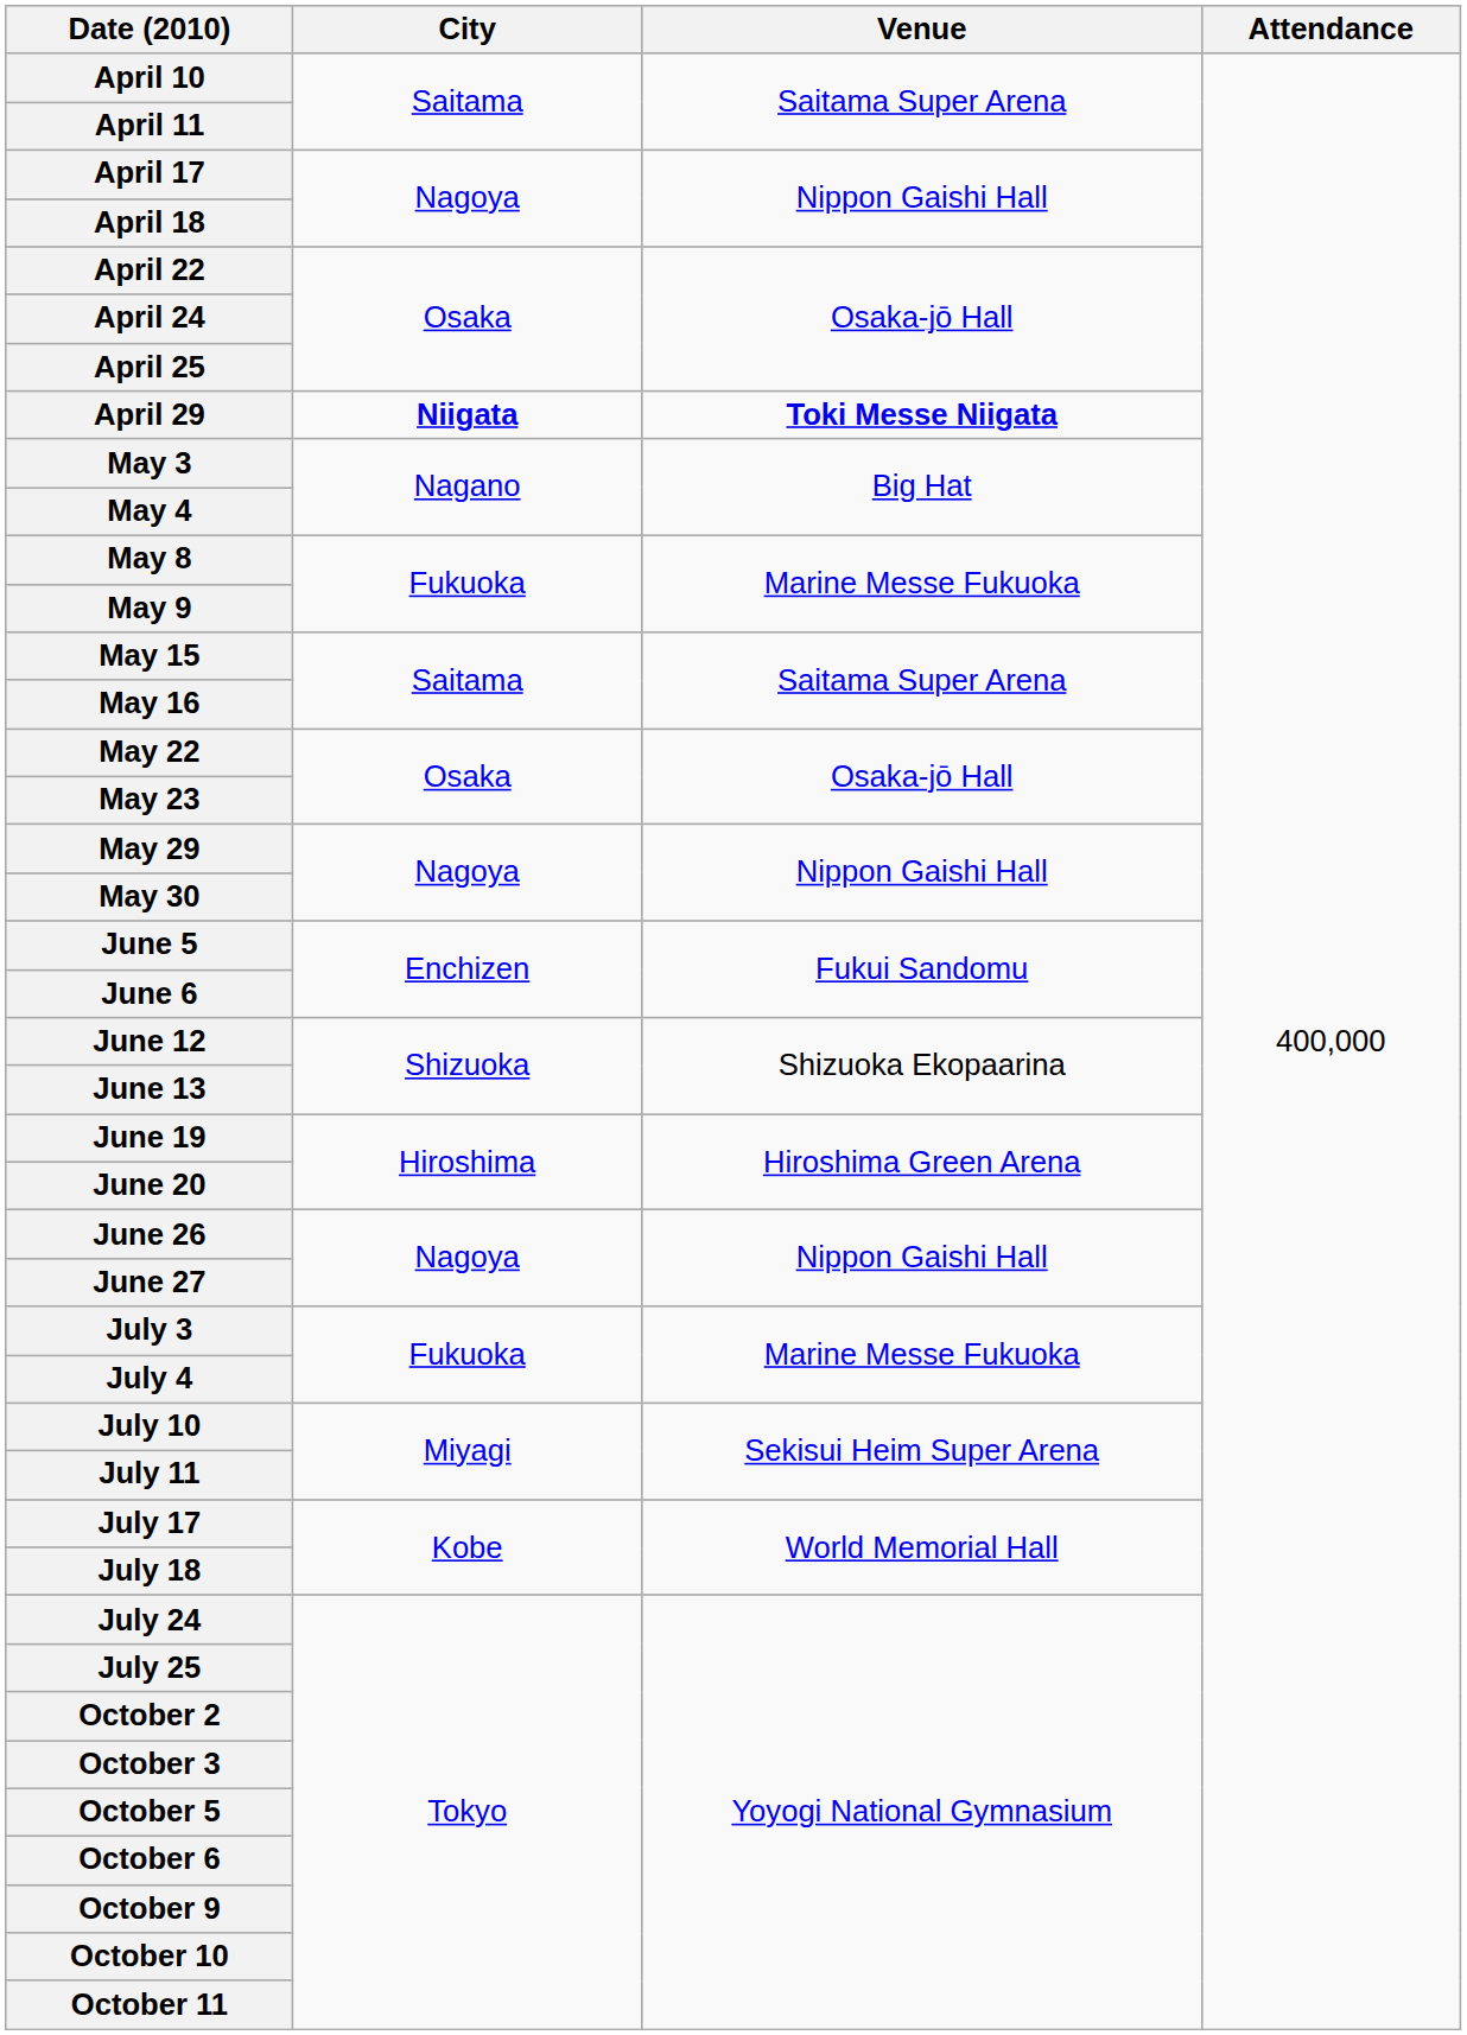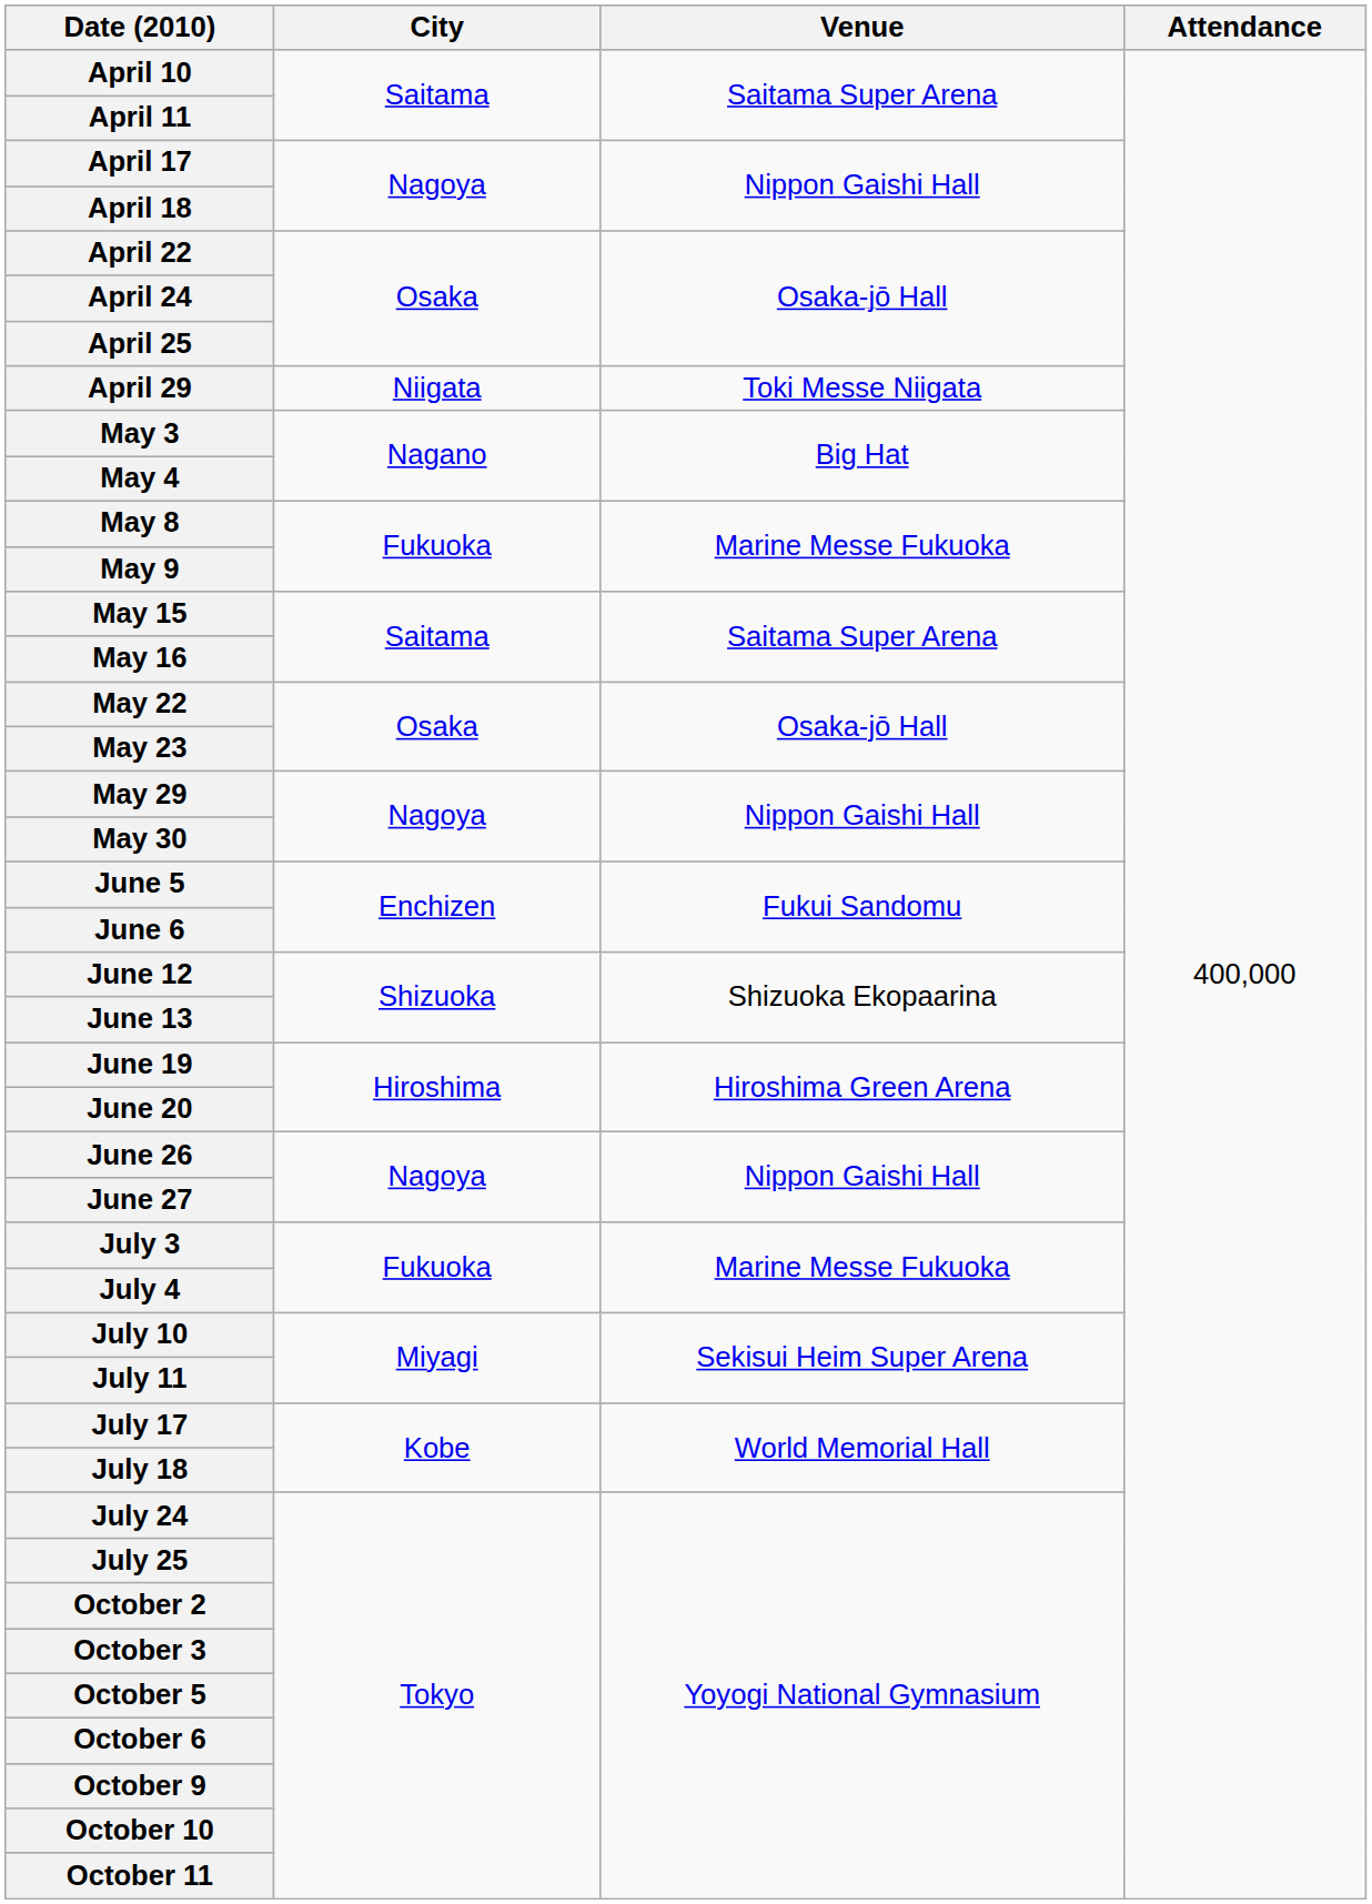 <table class="wikitable plainrowheaders" style="text-align:center;">
 <tr>
 <th scope="col" style="width:9em;">Date (2010)</th>
 <th scope="col" style="width:11em;">City</th>
 <th scope="col" style="width:18em;">Venue</th>
 <th scope="col" style="width:8em;">Attendance</th>
 </tr>
 <tr>
 <th scope="row" style="text-align:center;">April 10</th>
 <td rowspan="2"><a href='#'>Saitama</a></td>
 <td rowspan="2"><a href='#'>Saitama Super Arena</a></td>
 <td rowspan="41">400,000</td>
 </tr>
 <tr>
 <th scope="row" style="text-align:center;">April 11</th>
 </tr>
 <tr>
 <th scope="row" style="text-align:center;">April 17</th>
 <td rowspan="2"><a href='#'>Nagoya</a></td>
 <td rowspan="2"><a href='#'>Nippon Gaishi Hall</a></td>
 </tr>
 <tr>
 <th scope="row" style="text-align:center;">April 18</th>
 </tr>
 <tr>
 <th scope="row" style="text-align:center;">April 22</th>
 <td rowspan="3"><a href='#'>Osaka</a></td>
 <td rowspan="3"><a href='#'>Osaka-jō Hall</a></td>
 </tr>
 <tr>
 <th scope="row" style="text-align:center;">April 24</th>
 </tr>
 <tr>
 <th scope="row" style="text-align:center;">April 25</th>
 </tr>
 <tr>
 <th scope="row" style="text-align:center;">April 29</th>
-<td rowspan="1"><strong><a href='#'>Niigata</a></strong></td>
-<td rowspan="1"><strong><a href='#'>Toki Messe Niigata</a></strong></td>
+<td rowspan="1"><a href='#'>Niigata</a></td>
+<td rowspan="1"><a href='#'>Toki Messe Niigata</a></td>
 </tr>
 <tr>
 <th scope="row" style="text-align:center;">May 3</th>
 <td rowspan="2"><a href='#'>Nagano</a></td>
 <td rowspan="2"><a href='#'>Big Hat</a></td>
 </tr>
 <tr>
 <th scope="row" style="text-align:center;">May 4</th>
 </tr>
 <tr>
 <th scope="row" style="text-align:center;">May 8</th>
 <td rowspan="2"><a href='#'>Fukuoka</a></td>
 <td rowspan="2"><a href='#'>Marine Messe Fukuoka</a></td>
 </tr>
 <tr>
 <th scope="row" style="text-align:center;">May 9</th>
 </tr>
 <tr>
 <th scope="row" style="text-align:center;">May 15</th>
 <td rowspan="2"><a href='#'>Saitama</a></td>
 <td rowspan="2"><a href='#'>Saitama Super Arena</a></td>
 </tr>
 <tr>
 <th scope="row" style="text-align:center;">May 16</th>
 </tr>
 <tr>
 <th scope="row" style="text-align:center;">May 22</th>
 <td rowspan="2"><a href='#'>Osaka</a></td>
 <td rowspan="2"><a href='#'>Osaka-jō Hall</a></td>
 </tr>
 <tr>
 <th scope="row" style="text-align:center;">May 23</th>
 </tr>
 <tr>
 <th scope="row" style="text-align:center;">May 29</th>
 <td rowspan="2"><a href='#'>Nagoya</a></td>
 <td rowspan="2"><a href='#'>Nippon Gaishi Hall</a></td>
 </tr>
 <tr>
 <th scope="row" style="text-align:center;">May 30</th>
 </tr>
 <tr>
 <th scope="row" style="text-align:center;">June 5</th>
 <td rowspan="2"><a href='#'>Enchizen</a></td>
 <td rowspan="2"><a href='#'>Fukui Sandomu</a></td>
 </tr>
 <tr>
 <th scope="row" style="text-align:center;">June 6</th>
 </tr>
 <tr>
 <th scope="row" style="text-align:center;">June 12</th>
 <td rowspan="2"><a href='#'>Shizuoka</a></td>
 <td rowspan="2">Shizuoka Ekopaarina</td>
 </tr>
 <tr>
 <th scope="row" style="text-align:center;">June 13</th>
 </tr>
 <tr>
 <th scope="row" style="text-align:center;">June 19</th>
 <td rowspan="2"><a href='#'>Hiroshima</a></td>
 <td rowspan="2"><a href='#'>Hiroshima Green Arena</a></td>
 </tr>
 <tr>
 <th scope="row" style="text-align:center;">June 20</th>
 </tr>
 <tr>
 <th scope="row" style="text-align:center;">June 26</th>
 <td rowspan="2"><a href='#'>Nagoya</a></td>
 <td rowspan="2"><a href='#'>Nippon Gaishi Hall</a></td>
 </tr>
 <tr>
 <th scope="row" style="text-align:center;">June 27</th>
 </tr>
 <tr>
 <th scope="row" style="text-align:center;">July 3</th>
 <td rowspan="2"><a href='#'>Fukuoka</a></td>
 <td rowspan="2"><a href='#'>Marine Messe Fukuoka</a></td>
 </tr>
 <tr>
 <th scope="row" style="text-align:center;">July 4</th>
 </tr>
 <tr>
 <th scope="row" style="text-align:center;">July 10</th>
 <td rowspan="2"><a href='#'>Miyagi</a></td>
 <td rowspan="2"><a href='#'>Sekisui Heim Super Arena</a></td>
 </tr>
 <tr>
 <th scope="row" style="text-align:center;">July 11</th>
 </tr>
 <tr>
 <th scope="row" style="text-align:center;">July 17</th>
 <td rowspan="2"><a href='#'>Kobe</a></td>
 <td rowspan="2"><a href='#'>World Memorial Hall</a></td>
 </tr>
 <tr>
 <th scope="row" style="text-align:center;">July 18</th>
 </tr>
 <tr>
 <th scope="row" style="text-align:center;">July 24</th>
 <td rowspan="9"><a href='#'>Tokyo</a></td>
 <td rowspan="9"><a href='#'>Yoyogi National Gymnasium</a></td>
 </tr>
 <tr>
 <th scope="row" style="text-align:center;">July 25</th>
 </tr>
 <tr>
 <th scope="row" style="text-align:center;">October 2</th>
 </tr>
 <tr>
 <th scope="row" style="text-align:center;">October 3</th>
 </tr>
 <tr>
 <th scope="row" style="text-align:center;">October 5</th>
 </tr>
 <tr>
 <th scope="row" style="text-align:center;">October 6</th>
 </tr>
 <tr>
 <th scope="row" style="text-align:center;">October 9</th>
 </tr>
 <tr>
 <th scope="row" style="text-align:center;">October 10</th>
 </tr>
 <tr>
 <th scope="row" style="text-align:center;">October 11</th>
 </tr>
 </table>
